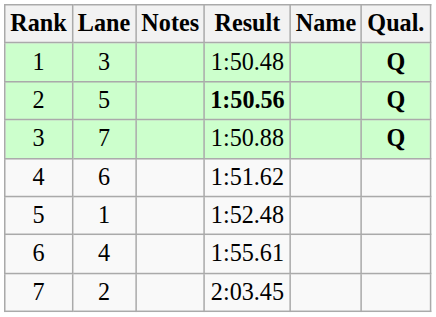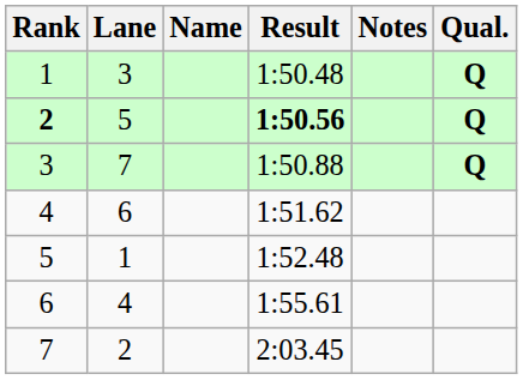 <table class="wikitable sortable" style="text-align:center">
 <tr>
 <th>Rank</th>
 <th>Lane</th>
+<th>Name</th>
+<th>Result</th>
 <th>Notes</th>
-<th>Result</th>
-<th>Name</th>
 <th>Qual.</th>
 </tr>
 <tr bgcolor=ccffcc>
 <td>1</td>
 <td>3</td>
+<td align="left"></td>
+<td>1:50.48</td>
 <td></td>
-<td>1:50.48</td>
-<td align="left"></td>
 <td><strong>Q</strong></td>
 </tr>
 <tr bgcolor=ccffcc>
-<td>2</td>
+<td><strong>2</strong></td>
 <td>5</td>
+<td align="left"></td>
+<td><strong>1:50.56</strong></td>
 <td></td>
-<td><strong>1:50.56</strong></td>
-<td align="left"></td>
 <td><strong>Q</strong></td>
 </tr>
 <tr bgcolor=ccffcc>
 <td>3</td>
 <td>7</td>
+<td align="left"></td>
+<td>1:50.88</td>
 <td></td>
-<td>1:50.88</td>
-<td align="left"></td>
 <td><strong>Q</strong></td>
 </tr>
 <tr>
 <td>4</td>
 <td>6</td>
+<td align="left"></td>
+<td>1:51.62</td>
 <td></td>
-<td>1:51.62</td>
-<td align="left"></td>
 <td></td>
 </tr>
 <tr>
 <td>5</td>
 <td>1</td>
+<td align="left"></td>
+<td>1:52.48</td>
 <td></td>
-<td>1:52.48</td>
-<td align="left"></td>
 <td></td>
 </tr>
 <tr>
 <td>6</td>
 <td>4</td>
+<td align="left"></td>
+<td>1:55.61</td>
 <td></td>
-<td>1:55.61</td>
-<td align="left"></td>
 <td></td>
 </tr>
 <tr>
 <td>7</td>
 <td>2</td>
+<td align="left"></td>
+<td>2:03.45</td>
 <td></td>
-<td>2:03.45</td>
-<td align="left"></td>
 <td></td>
 </tr>
 </table>
